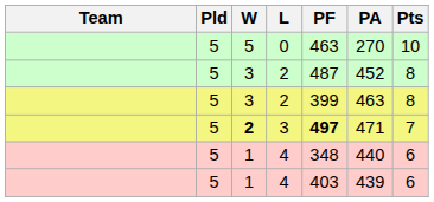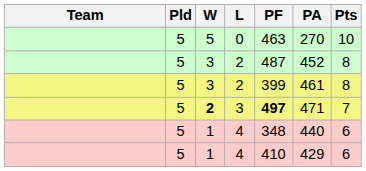 <table class="wikitable" style="text-align:center;">
 <tr>
 <th width=170>Team</th>
 <th width=25>Pld</th>
 <th width=25>W</th>
 <th width=25>L</th>
 <th width=35>PF</th>
 <th width=35>PA</th>
 <th width=25>Pts</th>
 </tr>
 <tr bgcolor=#ccffcc>
 <td align="left"></td>
 <td>5</td>
 <td>5</td>
 <td>0</td>
 <td>463</td>
 <td>270</td>
 <td>10</td>
 </tr>
 <tr bgcolor=#ccffcc>
 <td align="left"></td>
 <td>5</td>
 <td>3</td>
 <td>2</td>
 <td>487</td>
 <td>452</td>
 <td>8</td>
 </tr>
 <tr bgcolor=#F3F781>
 <td align="left"></td>
 <td>5</td>
 <td>3</td>
 <td>2</td>
 <td>399</td>
-<td>463</td>
+<td>461</td>
 <td>8</td>
 </tr>
 <tr bgcolor=#F3F781>
 <td align="left"></td>
 <td>5</td>
 <td><strong>2</strong></td>
 <td>3</td>
 <td><strong>497</strong></td>
 <td>471</td>
 <td>7</td>
 </tr>
 <tr bgcolor=#ffcccc>
 <td align="left"></td>
 <td>5</td>
 <td>1</td>
 <td>4</td>
 <td>348</td>
 <td>440</td>
 <td>6</td>
 </tr>
 <tr bgcolor=#ffcccc>
 <td align="left"></td>
 <td>5</td>
 <td>1</td>
 <td>4</td>
-<td>403</td>
-<td>439</td>
+<td>410</td>
+<td>429</td>
 <td>6</td>
 </tr>
 </table>
